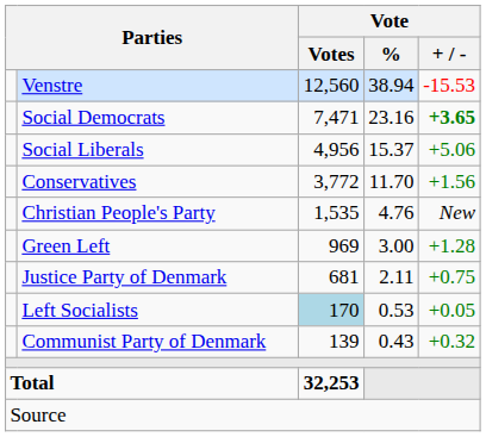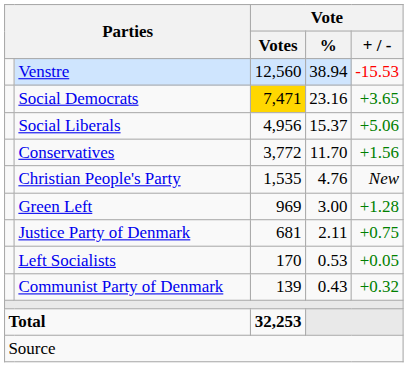 <table class="wikitable" style="text-align:right;">
 <tr>
 <th style="text-align:centre;" rowspan="2" colspan="2" width="225">Parties</th>
 <th colspan="3">Vote</th>
 </tr>
 <tr>
 <th width="15">Votes</th>
 <th width="15">%</th>
 <th width="15">+ / -</th>
 </tr>
 <tr>
 <td width="2" style="color:inherit;background:"></td>
 <td bgcolor=#cfe5fe  align="left"><a href='#'>Venstre</a></td>
 <td bgcolor=#cfe5fe>12,560</td>
 <td bgcolor=#cfe5fe>38.94</td>
 <td style=color:red;>-15.53</td>
 </tr>
 <tr>
 <td width="2" style="color:inherit;background:"></td>
 <td align="left"><a href='#'>Social Democrats</a></td>
-<td>7,471</td>
+<td style="background: gold;">7,471</td>
 <td>23.16</td>
-<td style=color:green;><strong>+3.65</strong></td>
+<td style=color:green;>+3.65</td>
 </tr>
 <tr>
 <td width="2" style="color:inherit;background:"></td>
 <td align="left"><a href='#'>Social Liberals</a></td>
 <td>4,956</td>
 <td>15.37</td>
 <td style=color:green;>+5.06</td>
 </tr>
 <tr>
 <td width="2" style="color:inherit;background:"></td>
 <td align="left"><a href='#'>Conservatives</a></td>
 <td>3,772</td>
 <td>11.70</td>
 <td style=color:green;>+1.56</td>
 </tr>
 <tr>
 <td width="2" style="color:inherit;background:"></td>
 <td align="left"><a href='#'>Christian People's Party</a></td>
 <td>1,535</td>
 <td>4.76</td>
 <td><em>New</em></td>
 </tr>
 <tr>
 <td width="2" style="color:inherit;background:"></td>
 <td align="left"><a href='#'>Green Left</a></td>
 <td>969</td>
 <td>3.00</td>
 <td style=color:green;>+1.28</td>
 </tr>
 <tr>
 <td width="2" style="color:inherit;background:"></td>
 <td align="left"><a href='#'>Justice Party of Denmark</a></td>
 <td>681</td>
 <td>2.11</td>
 <td style=color:green;>+0.75</td>
 </tr>
 <tr>
 <td width="2" style="color:inherit;background:"></td>
 <td align="left"><a href='#'>Left Socialists</a></td>
-<td style="background: lightblue;">170</td>
+<td>170</td>
 <td>0.53</td>
 <td style=color:green;>+0.05</td>
 </tr>
 <tr>
 <td width="2" style="color:inherit;background:"></td>
 <td align="left"><a href='#'>Communist Party of Denmark</a></td>
 <td>139</td>
 <td>0.43</td>
 <td style=color:green;>+0.32</td>
 </tr>
 <tr>
 <td colspan="7" bgcolor="#E9E9E9"></td>
 </tr>
 <tr>
 <td align="left" colspan="2"><strong>Total</strong></td>
 <td><strong>32,253</strong></td>
 <td bgcolor="#E9E9E9" colspan="2"></td>
 </tr>
 <tr>
 <td align="left" colspan="6">Source</td>
 </tr>
 </table>
